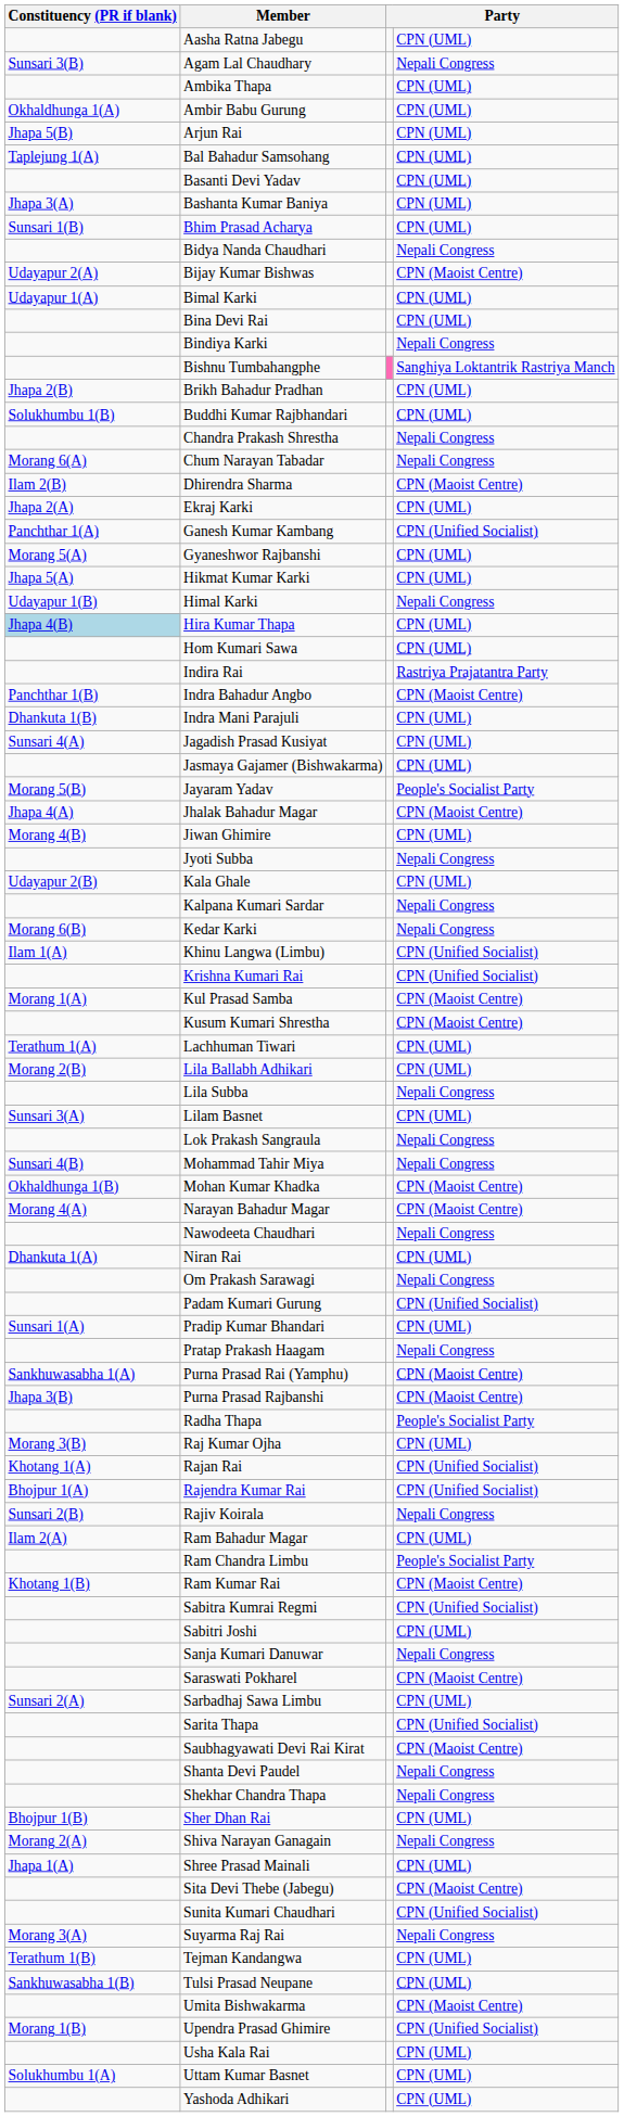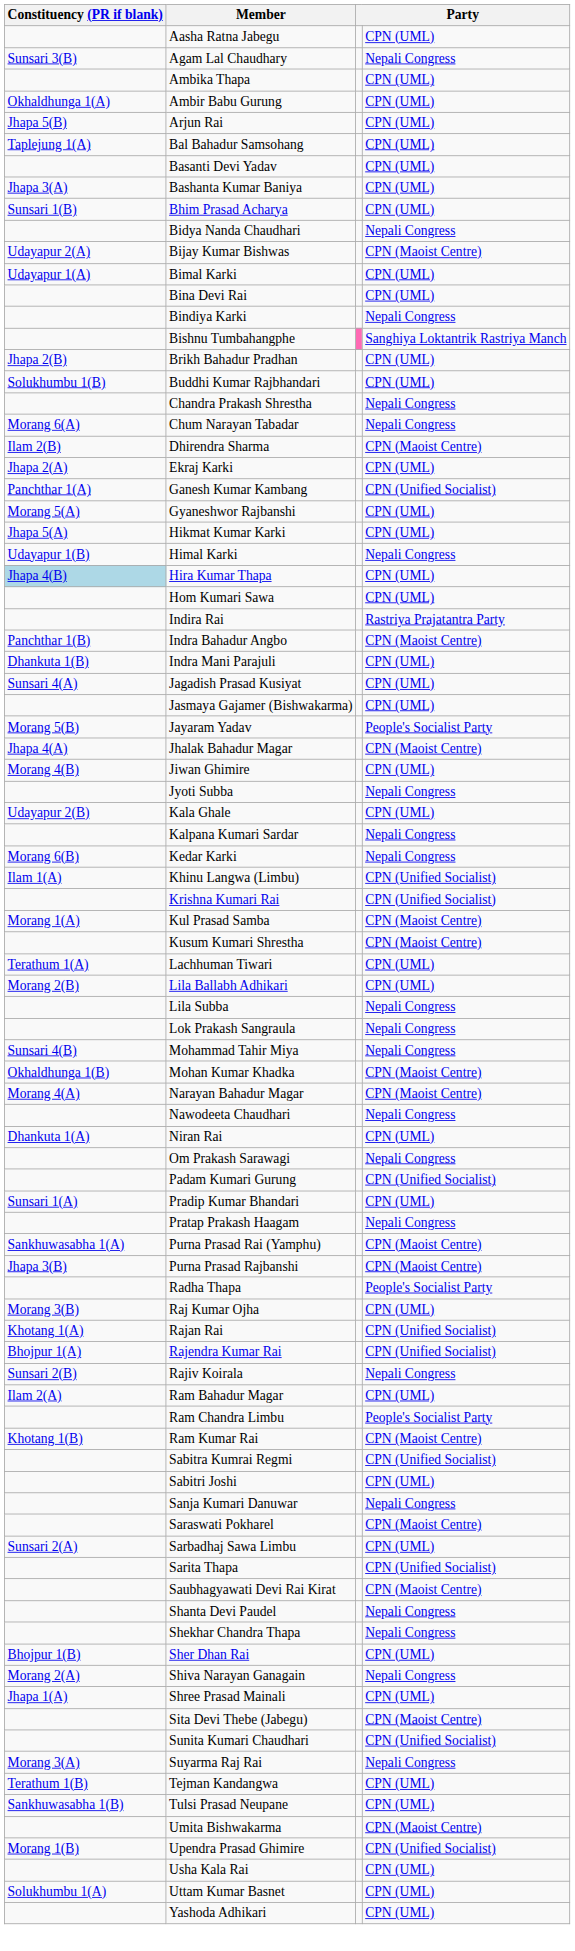 <table class="wikitable sortable">
 <tr>
 <th>Constituency <a href='#'>(PR if blank)</a></th>
 <th>Member</th>
 <th colspan="2">Party</th>
 </tr>
 <tr>
 <td></td>
 <td>Aasha Ratna Jabegu</td>
 <td></td>
 <td><a href='#'>CPN (UML)</a></td>
 </tr>
 <tr>
 <td><a href='#'>Sunsari 3(B)</a></td>
 <td>Agam Lal Chaudhary</td>
 <td></td>
 <td><a href='#'>Nepali Congress</a></td>
 </tr>
 <tr>
 <td></td>
 <td>Ambika Thapa</td>
 <td></td>
 <td><a href='#'>CPN (UML)</a></td>
 </tr>
 <tr>
 <td><a href='#'>Okhaldhunga 1(A)</a></td>
 <td>Ambir Babu Gurung</td>
 <td></td>
 <td><a href='#'>CPN (UML)</a></td>
 </tr>
 <tr>
 <td><a href='#'>Jhapa 5(B)</a></td>
 <td>Arjun Rai</td>
 <td></td>
 <td><a href='#'>CPN (UML)</a></td>
 </tr>
 <tr>
 <td><a href='#'>Taplejung 1(A)</a></td>
 <td>Bal Bahadur Samsohang</td>
 <td></td>
 <td><a href='#'>CPN (UML)</a></td>
 </tr>
 <tr>
 <td></td>
 <td>Basanti Devi Yadav</td>
 <td></td>
 <td><a href='#'>CPN (UML)</a></td>
 </tr>
 <tr>
 <td><a href='#'>Jhapa 3(A)</a></td>
 <td>Bashanta Kumar Baniya</td>
 <td></td>
 <td><a href='#'>CPN (UML)</a></td>
 </tr>
 <tr>
 <td><a href='#'>Sunsari 1(B)</a></td>
 <td><a href='#'>Bhim Prasad Acharya</a></td>
 <td></td>
 <td><a href='#'>CPN (UML)</a></td>
 </tr>
 <tr>
 <td></td>
 <td>Bidya Nanda Chaudhari</td>
 <td></td>
 <td><a href='#'>Nepali Congress</a></td>
 </tr>
 <tr>
 <td><a href='#'>Udayapur 2(A)</a></td>
 <td>Bijay Kumar Bishwas</td>
 <td></td>
 <td><a href='#'>CPN (Maoist Centre)</a></td>
 </tr>
 <tr>
 <td><a href='#'>Udayapur 1(A)</a></td>
 <td>Bimal Karki</td>
 <td></td>
 <td><a href='#'>CPN (UML)</a></td>
 </tr>
 <tr>
 <td></td>
 <td>Bina Devi Rai</td>
 <td></td>
 <td><a href='#'>CPN (UML)</a></td>
 </tr>
 <tr>
 <td></td>
 <td>Bindiya Karki</td>
 <td></td>
 <td><a href='#'>Nepali Congress</a></td>
 </tr>
 <tr>
 <td></td>
 <td>Bishnu Tumbahangphe</td>
 <td bgcolor="hotpink"></td>
 <td><a href='#'>Sanghiya Loktantrik Rastriya Manch</a></td>
 </tr>
 <tr>
 <td><a href='#'>Jhapa 2(B)</a></td>
 <td>Brikh Bahadur Pradhan</td>
 <td></td>
 <td><a href='#'>CPN (UML)</a></td>
 </tr>
 <tr>
 <td><a href='#'>Solukhumbu 1(B)</a></td>
 <td>Buddhi Kumar Rajbhandari</td>
 <td></td>
 <td><a href='#'>CPN (UML)</a></td>
 </tr>
 <tr>
 <td></td>
 <td>Chandra Prakash Shrestha</td>
 <td></td>
 <td><a href='#'>Nepali Congress</a></td>
 </tr>
 <tr>
 <td><a href='#'>Morang 6(A)</a></td>
 <td>Chum Narayan Tabadar</td>
 <td></td>
 <td><a href='#'>Nepali Congress</a></td>
 </tr>
 <tr>
 <td><a href='#'>Ilam 2(B)</a></td>
 <td>Dhirendra Sharma</td>
 <td></td>
 <td><a href='#'>CPN (Maoist Centre)</a></td>
 </tr>
 <tr>
 <td><a href='#'>Jhapa 2(A)</a></td>
 <td>Ekraj Karki</td>
 <td></td>
 <td><a href='#'>CPN (UML)</a></td>
 </tr>
 <tr>
 <td><a href='#'>Panchthar 1(A)</a></td>
 <td>Ganesh Kumar Kambang</td>
 <td></td>
 <td><a href='#'>CPN (Unified Socialist)</a></td>
 </tr>
 <tr>
 <td><a href='#'>Morang 5(A)</a></td>
 <td>Gyaneshwor Rajbanshi</td>
 <td></td>
 <td><a href='#'>CPN (UML)</a></td>
 </tr>
 <tr>
 <td><a href='#'>Jhapa 5(A)</a></td>
 <td>Hikmat Kumar Karki</td>
 <td></td>
 <td><a href='#'>CPN (UML)</a></td>
 </tr>
 <tr>
 <td><a href='#'>Udayapur 1(B)</a></td>
 <td>Himal Karki</td>
 <td></td>
 <td><a href='#'>Nepali Congress</a></td>
 </tr>
 <tr>
 <td style="background: lightblue;"><a href='#'>Jhapa 4(B)</a></td>
 <td><a href='#'>Hira Kumar Thapa</a></td>
 <td></td>
 <td><a href='#'>CPN (UML)</a></td>
 </tr>
 <tr>
 <td></td>
 <td>Hom Kumari Sawa</td>
 <td></td>
 <td><a href='#'>CPN (UML)</a></td>
 </tr>
 <tr>
 <td></td>
 <td>Indira Rai</td>
 <td></td>
 <td><a href='#'>Rastriya Prajatantra Party</a></td>
 </tr>
 <tr>
 <td><a href='#'>Panchthar 1(B)</a></td>
 <td>Indra Bahadur Angbo</td>
 <td></td>
 <td><a href='#'>CPN (Maoist Centre)</a></td>
 </tr>
 <tr>
 <td><a href='#'>Dhankuta 1(B)</a></td>
 <td>Indra Mani Parajuli</td>
 <td></td>
 <td><a href='#'>CPN (UML)</a></td>
 </tr>
 <tr>
 <td><a href='#'>Sunsari 4(A)</a></td>
 <td>Jagadish Prasad Kusiyat</td>
 <td></td>
 <td><a href='#'>CPN (UML)</a></td>
 </tr>
 <tr>
 <td></td>
 <td>Jasmaya Gajamer (Bishwakarma)</td>
 <td></td>
 <td><a href='#'>CPN (UML)</a></td>
 </tr>
 <tr>
 <td><a href='#'>Morang 5(B)</a></td>
 <td>Jayaram Yadav</td>
 <td></td>
 <td><a href='#'>People's Socialist Party</a></td>
 </tr>
 <tr>
 <td><a href='#'>Jhapa 4(A)</a></td>
 <td>Jhalak Bahadur Magar</td>
 <td></td>
 <td><a href='#'>CPN (Maoist Centre)</a></td>
 </tr>
 <tr>
 <td><a href='#'>Morang 4(B)</a></td>
 <td>Jiwan Ghimire</td>
 <td></td>
 <td><a href='#'>CPN (UML)</a></td>
 </tr>
 <tr>
 <td></td>
 <td>Jyoti Subba</td>
 <td></td>
 <td><a href='#'>Nepali Congress</a></td>
 </tr>
 <tr>
 <td><a href='#'>Udayapur 2(B)</a></td>
 <td>Kala Ghale</td>
 <td></td>
 <td><a href='#'>CPN (UML)</a></td>
 </tr>
 <tr>
 <td></td>
 <td>Kalpana Kumari Sardar</td>
 <td></td>
 <td><a href='#'>Nepali Congress</a></td>
 </tr>
 <tr>
 <td><a href='#'>Morang 6(B)</a></td>
 <td>Kedar Karki</td>
 <td></td>
 <td><a href='#'>Nepali Congress</a></td>
 </tr>
 <tr>
 <td><a href='#'>Ilam 1(A)</a></td>
 <td>Khinu Langwa (Limbu)</td>
 <td></td>
 <td><a href='#'>CPN (Unified Socialist)</a></td>
 </tr>
 <tr>
 <td></td>
 <td><a href='#'>Krishna Kumari Rai</a></td>
 <td></td>
 <td><a href='#'>CPN (Unified Socialist)</a></td>
 </tr>
 <tr>
 <td><a href='#'>Morang 1(A)</a></td>
 <td>Kul Prasad Samba</td>
 <td></td>
 <td><a href='#'>CPN (Maoist Centre)</a></td>
 </tr>
 <tr>
 <td></td>
 <td>Kusum Kumari Shrestha</td>
 <td></td>
 <td><a href='#'>CPN (Maoist Centre)</a></td>
 </tr>
 <tr>
 <td><a href='#'>Terathum 1(A)</a></td>
 <td>Lachhuman Tiwari</td>
 <td></td>
 <td><a href='#'>CPN (UML)</a></td>
 </tr>
 <tr>
 <td><a href='#'>Morang 2(B)</a></td>
 <td><a href='#'>Lila Ballabh Adhikari</a></td>
 <td></td>
 <td><a href='#'>CPN (UML)</a></td>
 </tr>
 <tr>
 <td></td>
 <td>Lila Subba</td>
 <td></td>
 <td><a href='#'>Nepali Congress</a></td>
 </tr>
 <tr>
-<td><a href='#'>Sunsari 3(A)</a></td>
-<td>Lilam Basnet</td>
-<td></td>
-<td><a href='#'>CPN (UML)</a></td>
-</tr>
-<tr>
 <td></td>
 <td>Lok Prakash Sangraula</td>
 <td></td>
 <td><a href='#'>Nepali Congress</a></td>
 </tr>
 <tr>
 <td><a href='#'>Sunsari 4(B)</a></td>
 <td>Mohammad Tahir Miya</td>
 <td></td>
 <td><a href='#'>Nepali Congress</a></td>
 </tr>
 <tr>
 <td><a href='#'>Okhaldhunga 1(B)</a></td>
 <td>Mohan Kumar Khadka</td>
 <td></td>
 <td><a href='#'>CPN (Maoist Centre)</a></td>
 </tr>
 <tr>
 <td><a href='#'>Morang 4(A)</a></td>
 <td>Narayan Bahadur Magar</td>
 <td></td>
 <td><a href='#'>CPN (Maoist Centre)</a></td>
 </tr>
 <tr>
 <td></td>
 <td>Nawodeeta Chaudhari</td>
 <td></td>
 <td><a href='#'>Nepali Congress</a></td>
 </tr>
 <tr>
 <td><a href='#'>Dhankuta 1(A)</a></td>
 <td>Niran Rai</td>
 <td></td>
 <td><a href='#'>CPN (UML)</a></td>
 </tr>
 <tr>
 <td></td>
 <td>Om Prakash Sarawagi</td>
 <td></td>
 <td><a href='#'>Nepali Congress</a></td>
 </tr>
 <tr>
 <td></td>
 <td>Padam Kumari Gurung</td>
 <td></td>
 <td><a href='#'>CPN (Unified Socialist)</a></td>
 </tr>
 <tr>
 <td><a href='#'>Sunsari 1(A)</a></td>
 <td>Pradip Kumar Bhandari</td>
 <td></td>
 <td><a href='#'>CPN (UML)</a></td>
 </tr>
 <tr>
 <td></td>
 <td>Pratap Prakash Haagam</td>
 <td></td>
 <td><a href='#'>Nepali Congress</a></td>
 </tr>
 <tr>
 <td><a href='#'>Sankhuwasabha 1(A)</a></td>
 <td>Purna Prasad Rai (Yamphu)</td>
 <td></td>
 <td><a href='#'>CPN (Maoist Centre)</a></td>
 </tr>
 <tr>
 <td><a href='#'>Jhapa 3(B)</a></td>
 <td>Purna Prasad Rajbanshi</td>
 <td></td>
 <td><a href='#'>CPN (Maoist Centre)</a></td>
 </tr>
 <tr>
 <td></td>
 <td>Radha Thapa</td>
 <td></td>
 <td><a href='#'>People's Socialist Party</a></td>
 </tr>
 <tr>
 <td><a href='#'>Morang 3(B)</a></td>
 <td>Raj Kumar Ojha</td>
 <td></td>
 <td><a href='#'>CPN (UML)</a></td>
 </tr>
 <tr>
 <td><a href='#'>Khotang 1(A)</a></td>
 <td>Rajan Rai</td>
 <td></td>
 <td><a href='#'>CPN (Unified Socialist)</a></td>
 </tr>
 <tr>
 <td><a href='#'>Bhojpur 1(A)</a></td>
 <td><a href='#'>Rajendra Kumar Rai</a></td>
 <td></td>
 <td><a href='#'>CPN (Unified Socialist)</a></td>
 </tr>
 <tr>
 <td><a href='#'>Sunsari 2(B)</a></td>
 <td>Rajiv Koirala</td>
 <td></td>
 <td><a href='#'>Nepali Congress</a></td>
 </tr>
 <tr>
 <td><a href='#'>Ilam 2(A)</a></td>
 <td>Ram Bahadur Magar</td>
 <td></td>
 <td><a href='#'>CPN (UML)</a></td>
 </tr>
 <tr>
 <td></td>
 <td>Ram Chandra Limbu</td>
 <td></td>
 <td><a href='#'>People's Socialist Party</a></td>
 </tr>
 <tr>
 <td><a href='#'>Khotang 1(B)</a></td>
 <td>Ram Kumar Rai</td>
 <td></td>
 <td><a href='#'>CPN (Maoist Centre)</a></td>
 </tr>
 <tr>
 <td></td>
 <td>Sabitra Kumrai Regmi</td>
 <td></td>
 <td><a href='#'>CPN (Unified Socialist)</a></td>
 </tr>
 <tr>
 <td></td>
 <td>Sabitri Joshi</td>
 <td></td>
 <td><a href='#'>CPN (UML)</a></td>
 </tr>
 <tr>
 <td></td>
 <td>Sanja Kumari Danuwar</td>
 <td></td>
 <td><a href='#'>Nepali Congress</a></td>
 </tr>
 <tr>
 <td></td>
 <td>Saraswati Pokharel</td>
 <td></td>
 <td><a href='#'>CPN (Maoist Centre)</a></td>
 </tr>
 <tr>
 <td><a href='#'>Sunsari 2(A)</a></td>
 <td>Sarbadhaj Sawa Limbu</td>
 <td></td>
 <td><a href='#'>CPN (UML)</a></td>
 </tr>
 <tr>
 <td></td>
 <td>Sarita Thapa</td>
 <td></td>
 <td><a href='#'>CPN (Unified Socialist)</a></td>
 </tr>
 <tr>
 <td></td>
 <td>Saubhagyawati Devi Rai Kirat</td>
 <td></td>
 <td><a href='#'>CPN (Maoist Centre)</a></td>
 </tr>
 <tr>
 <td></td>
 <td>Shanta Devi Paudel</td>
 <td></td>
 <td><a href='#'>Nepali Congress</a></td>
 </tr>
 <tr>
 <td></td>
 <td>Shekhar Chandra Thapa</td>
 <td></td>
 <td><a href='#'>Nepali Congress</a></td>
 </tr>
 <tr>
 <td><a href='#'>Bhojpur 1(B)</a></td>
 <td><a href='#'>Sher Dhan Rai</a></td>
 <td></td>
 <td><a href='#'>CPN (UML)</a></td>
 </tr>
 <tr>
 <td><a href='#'>Morang 2(A)</a></td>
 <td>Shiva Narayan Ganagain</td>
 <td></td>
 <td><a href='#'>Nepali Congress</a></td>
 </tr>
 <tr>
 <td><a href='#'>Jhapa 1(A)</a></td>
 <td>Shree Prasad Mainali</td>
 <td></td>
 <td><a href='#'>CPN (UML)</a></td>
 </tr>
 <tr>
 <td></td>
 <td>Sita Devi Thebe (Jabegu)</td>
 <td></td>
 <td><a href='#'>CPN (Maoist Centre)</a></td>
 </tr>
 <tr>
 <td></td>
 <td>Sunita Kumari Chaudhari</td>
 <td></td>
 <td><a href='#'>CPN (Unified Socialist)</a></td>
 </tr>
 <tr>
 <td><a href='#'>Morang 3(A)</a></td>
 <td>Suyarma Raj Rai</td>
 <td></td>
 <td><a href='#'>Nepali Congress</a></td>
 </tr>
 <tr>
 <td><a href='#'>Terathum 1(B)</a></td>
 <td>Tejman Kandangwa</td>
 <td></td>
 <td><a href='#'>CPN (UML)</a></td>
 </tr>
 <tr>
 <td><a href='#'>Sankhuwasabha 1(B)</a></td>
 <td>Tulsi Prasad Neupane</td>
 <td></td>
 <td><a href='#'>CPN (UML)</a></td>
 </tr>
 <tr>
 <td></td>
 <td>Umita Bishwakarma</td>
 <td></td>
 <td><a href='#'>CPN (Maoist Centre)</a></td>
 </tr>
 <tr>
 <td><a href='#'>Morang 1(B)</a></td>
 <td>Upendra Prasad Ghimire</td>
 <td></td>
 <td><a href='#'>CPN (Unified Socialist)</a></td>
 </tr>
 <tr>
 <td></td>
 <td>Usha Kala Rai</td>
 <td></td>
 <td><a href='#'>CPN (UML)</a></td>
 </tr>
 <tr>
 <td><a href='#'>Solukhumbu 1(A)</a></td>
 <td>Uttam Kumar Basnet</td>
 <td></td>
 <td><a href='#'>CPN (UML)</a></td>
 </tr>
 <tr>
 <td></td>
 <td>Yashoda Adhikari</td>
 <td></td>
 <td><a href='#'>CPN (UML)</a></td>
 </tr>
 </table>
